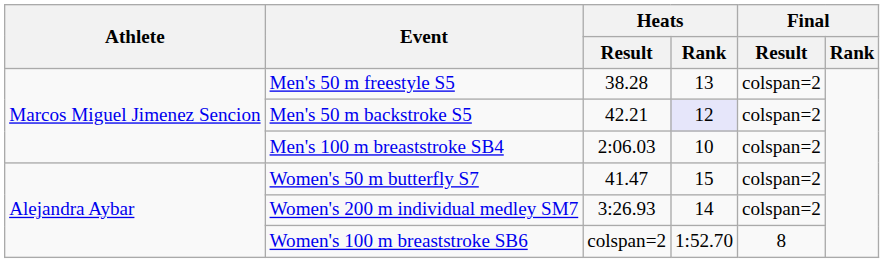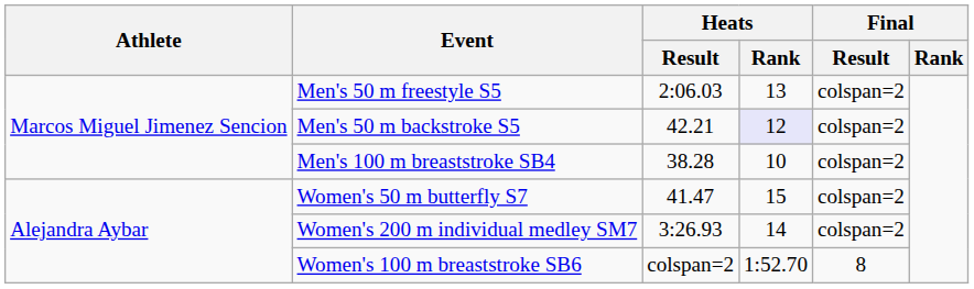 <table class=wikitable style="font-size:90%">
 <tr>
 <th rowspan="2">Athlete</th>
 <th rowspan="2">Event</th>
 <th colspan="2">Heats</th>
 <th colspan="2">Final</th>
 </tr>
 <tr>
 <th>Result</th>
 <th>Rank</th>
 <th>Result</th>
 <th>Rank</th>
 </tr>
 <tr align=center>
 <td align=left rowspan=3><a href='#'>Marcos Miguel Jimenez Sencion</a></td>
 <td align=left><a href='#'>Men's 50 m freestyle S5</a></td>
-<td>38.28</td>
+<td>2:06.03</td>
 <td>13</td>
 <td>colspan=2 </td>
 </tr>
 <tr align=center>
 <td align=left><a href='#'>Men's 50 m backstroke S5</a></td>
 <td>42.21</td>
 <td style="background: lavender;">12</td>
 <td>colspan=2 </td>
 </tr>
 <tr align=center>
 <td align=left><a href='#'>Men's 100 m breaststroke SB4</a></td>
-<td>2:06.03</td>
+<td>38.28</td>
 <td>10</td>
 <td>colspan=2 </td>
 </tr>
 <tr align=center>
 <td align=left rowspan=3><a href='#'>Alejandra Aybar</a></td>
 <td align=left><a href='#'>Women's 50 m butterfly S7</a></td>
 <td>41.47</td>
 <td>15</td>
 <td>colspan=2 </td>
 </tr>
 <tr align=center>
 <td align=left><a href='#'>Women's 200 m individual medley SM7</a></td>
 <td>3:26.93</td>
 <td>14</td>
 <td>colspan=2 </td>
 </tr>
 <tr align=center>
 <td align=left><a href='#'>Women's 100 m breaststroke SB6</a></td>
 <td>colspan=2 </td>
 <td>1:52.70</td>
 <td>8</td>
 </tr>
 </table>
